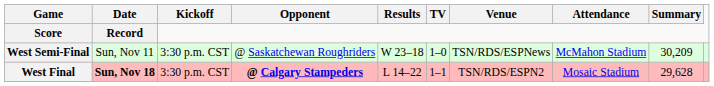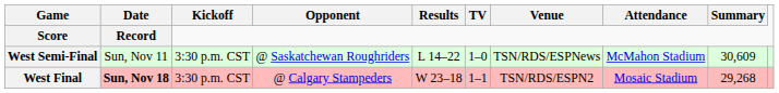 <table class="wikitable" style="font-size: 95%;">
 <tr>
 <th scope="col">Game</th>
 <th scope="col">Date</th>
 <th scope="col">Kickoff</th>
 <th scope="col">Opponent</th>
 <th scope="col">Results</th>
 <th scope="col">TV</th>
 <th scope="col">Venue</th>
 <th scope="col">Attendance</th>
 <th scope="col">Summary</th>
 </tr>
 <tr>
 <th scope="col">Score</th>
 <th scope="col">Record</th>
 </tr>
 <tr align="center"= bgcolor="ddffdd">
 <th style="text-align:center; background:;"><span>West Semi-Final</span></th>
 <td align="center">Sun, Nov 11</td>
 <td align="center">3:30 p.m. CST</td>
 <td align="center">@ <a href='#'>Saskatchewan Roughriders</a></td>
-<td align="center">W 23–18</td>
+<td align="center">L 14–22</td>
 <td align="center">1–0</td>
 <td align="center">TSN/RDS/ESPNews</td>
 <td align="center"><a href='#'>McMahon Stadium</a></td>
-<td align="center">30,209</td>
+<td align="center">30,609</td>
 <td align="center"></td>
 </tr>
 <tr align="center"= bgcolor="ffbbbb">
 <th style="text-align:center; background:;"><span>West Final</span></th>
 <td align="center"><strong>Sun, Nov 18</strong></td>
 <td align="center">3:30 p.m. CST</td>
-<td align="center"><strong>@ <a href='#'>Calgary Stampeders</a></strong></td>
-<td align="center">L 14–22</td>
+<td align="center">@ <a href='#'>Calgary Stampeders</a></td>
+<td align="center">W 23–18</td>
 <td align="center">1–1</td>
 <td align="center">TSN/RDS/ESPN2</td>
 <td align="center"><a href='#'>Mosaic Stadium</a></td>
-<td align="center">29,628</td>
+<td align="center">29,268</td>
 <td align="center"></td>
 </tr>
 </table>
